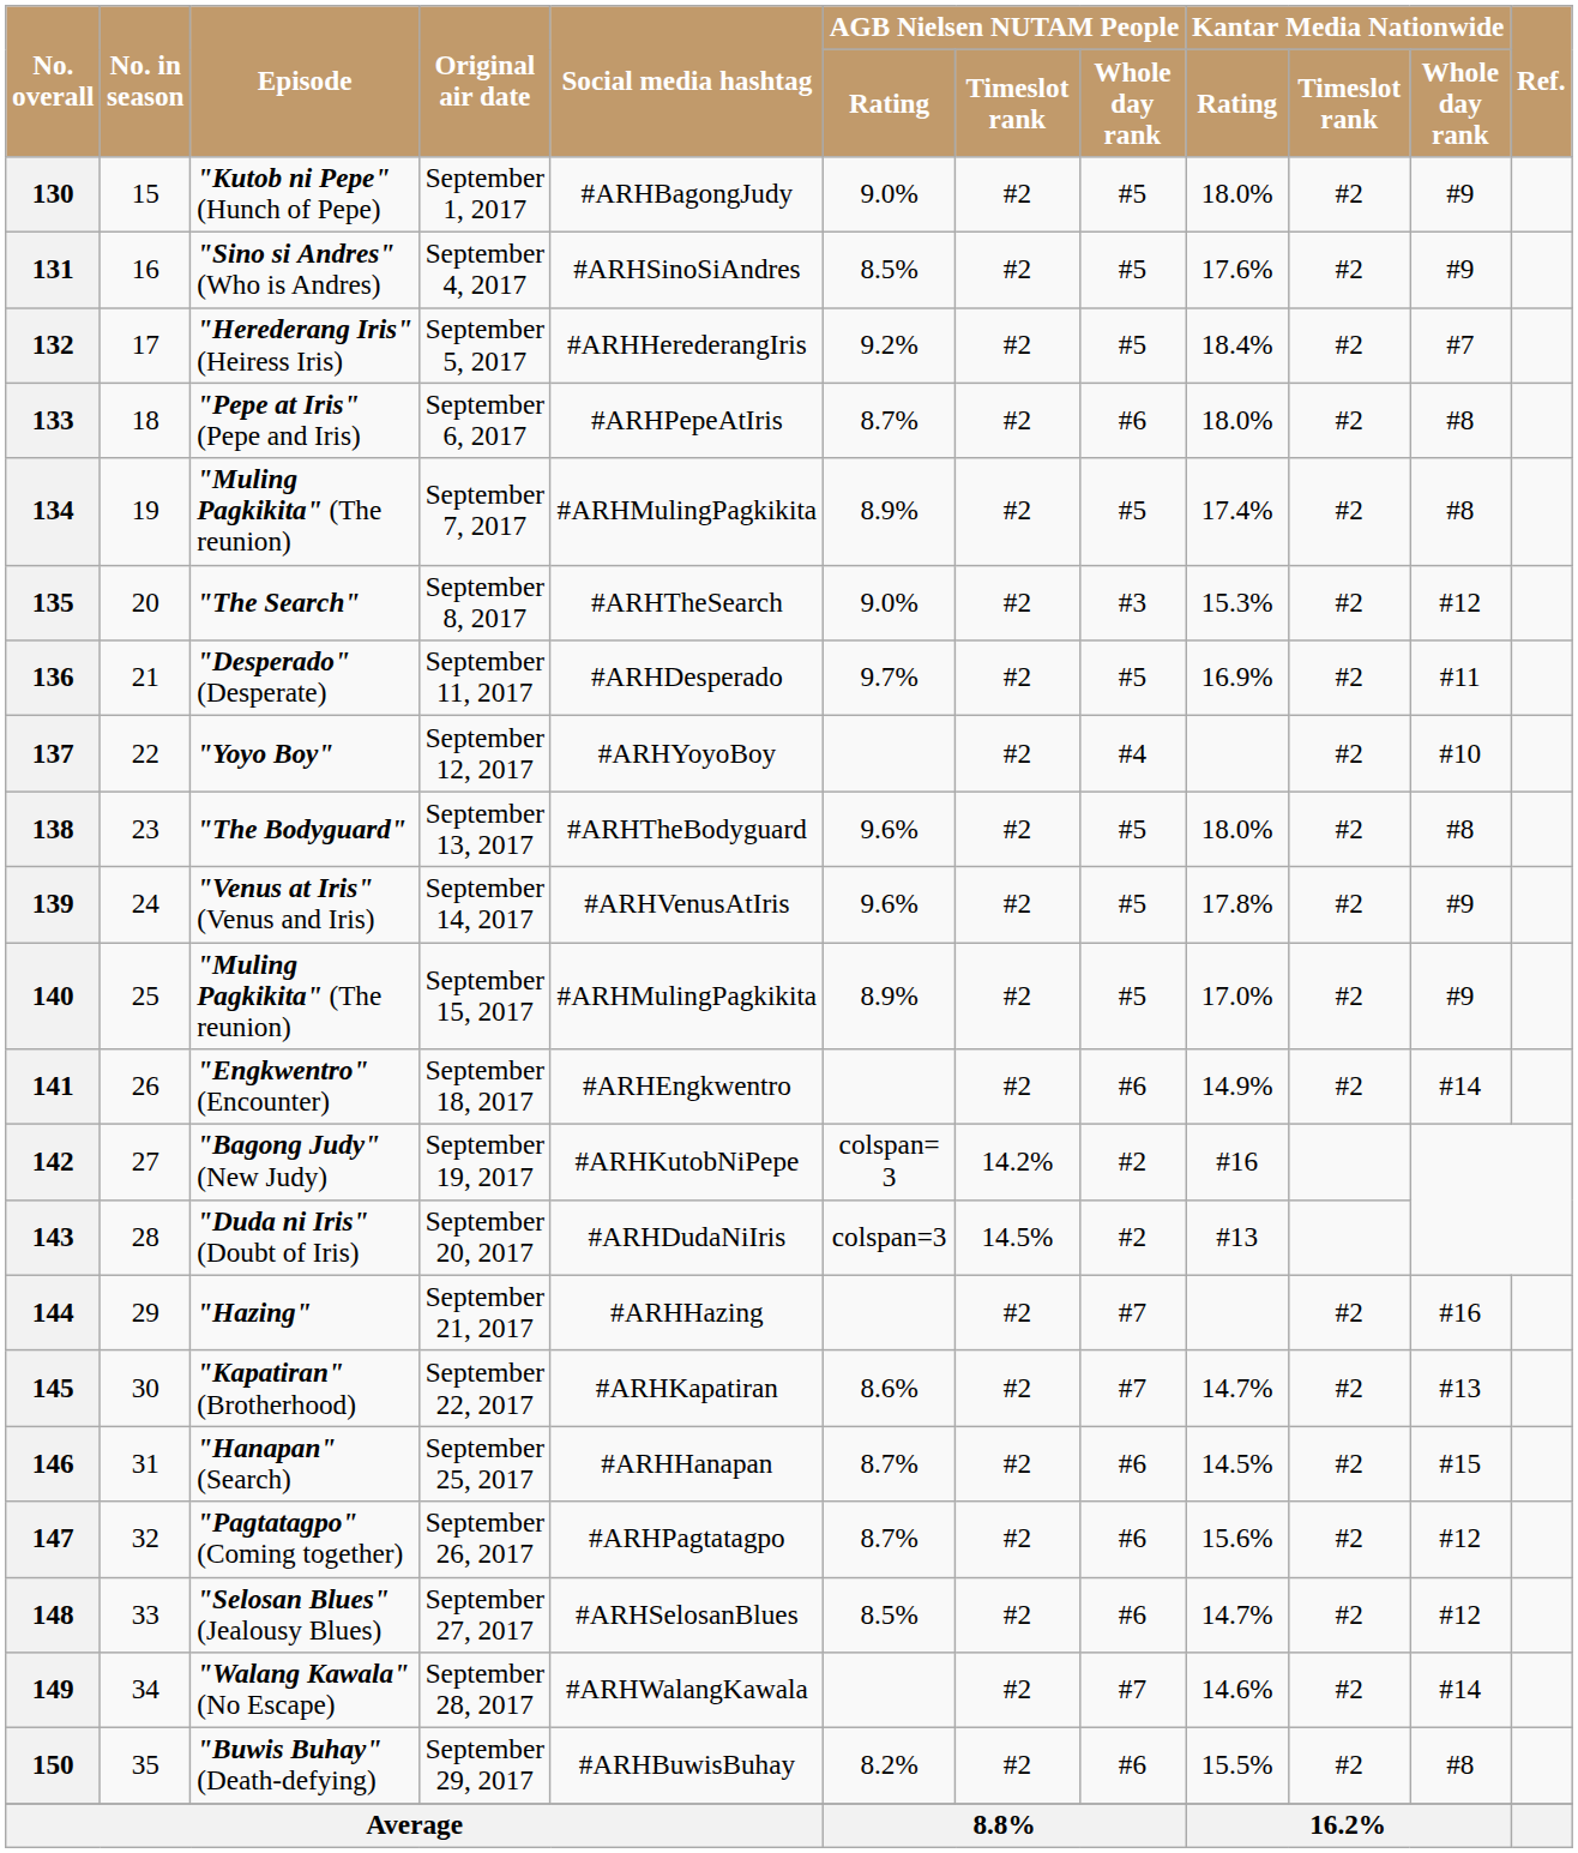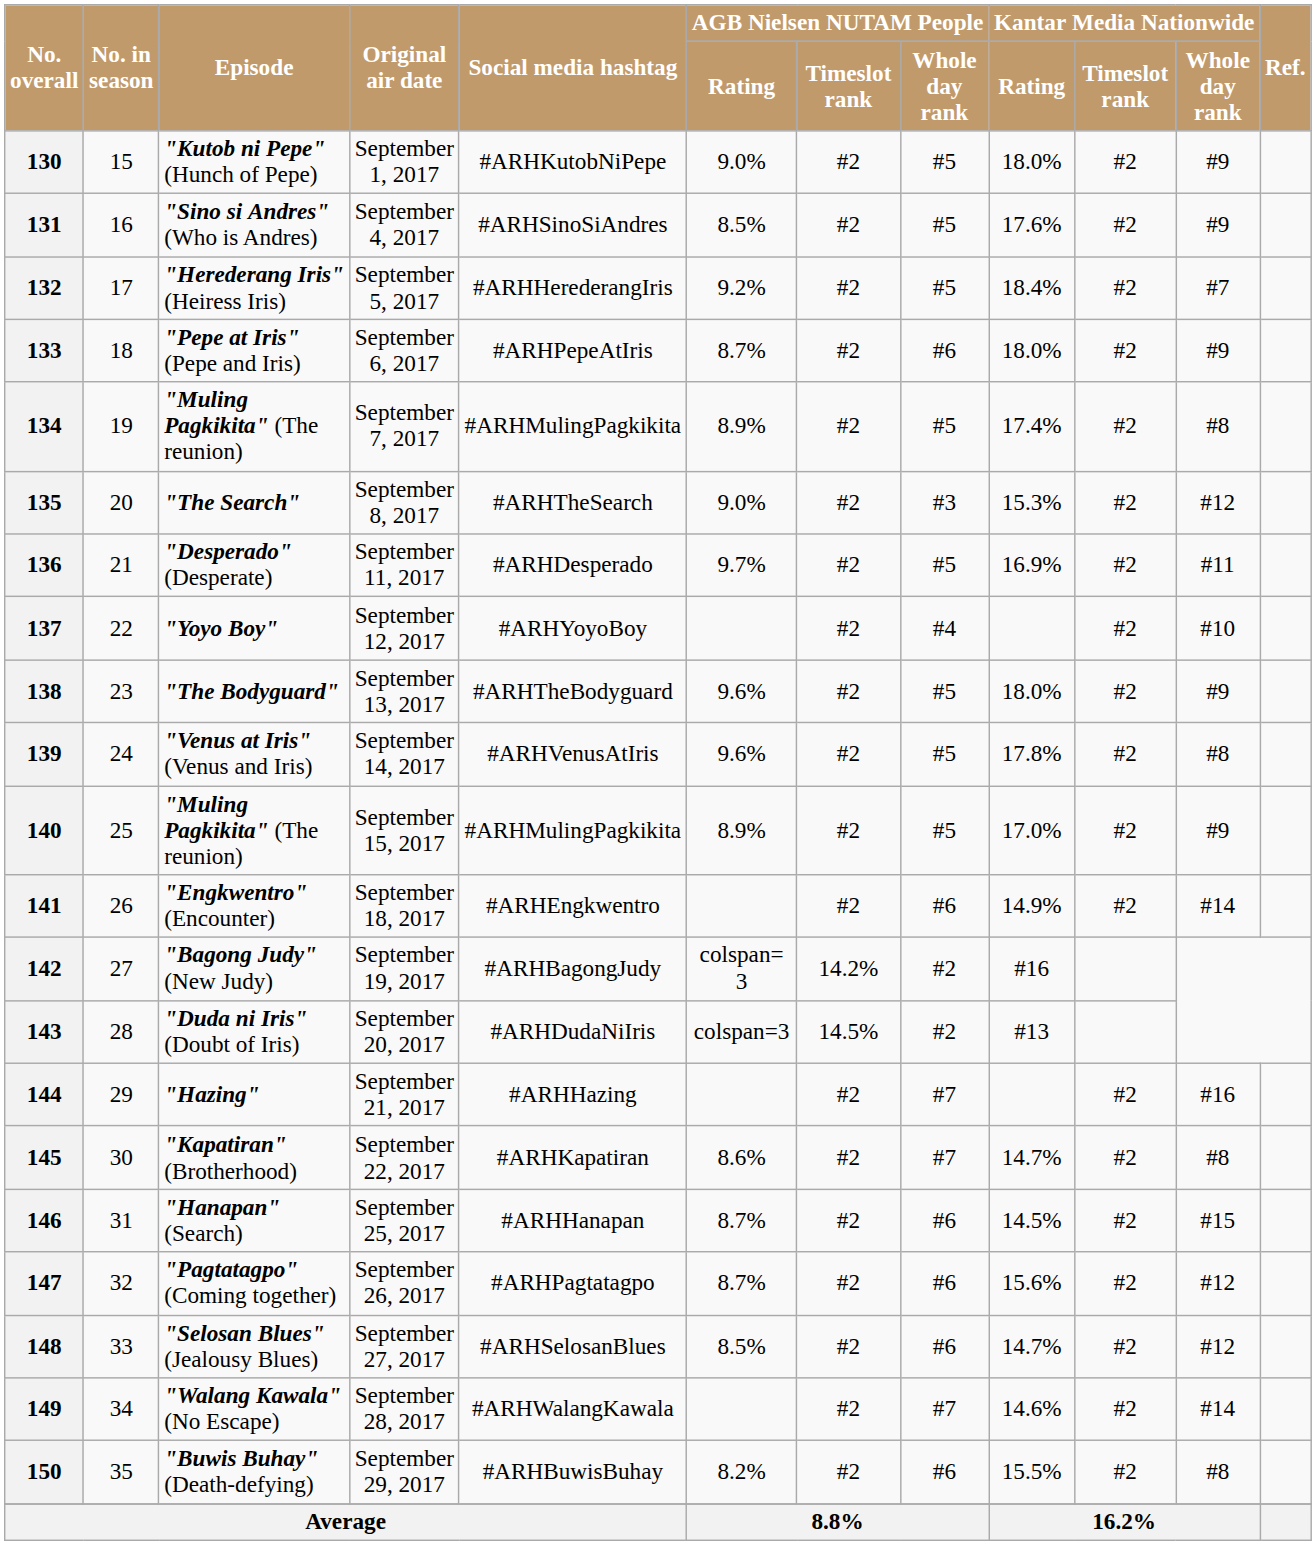 <table class="wikitable" style="text-align:center; font-size:100%; line-height:18px;"  width="100%">
 <tr>
 <th style="background-color:#C19A6B; color:#ffffff;" rowspan="2">No.<br>overall</th>
 <th style="background-color:#C19A6B; color:#ffffff;" rowspan="2">No. in<br>season</th>
 <th style="background-color:#C19A6B; color:#ffffff;" rowspan="2">Episode</th>
 <th style="background:#C19A6B; color:white" rowspan="2">Original air date</th>
 <th style="background:#C19A6B; color:white" rowspan="2">Social media hashtag</th>
 <th style="background-color:#C19A6B; color:#ffffff;" colspan="3">AGB Nielsen NUTAM People</th>
 <th style="background-color:#C19A6B; color:#ffffff;" colspan="3">Kantar Media Nationwide</th>
 <th style="background-color:#C19A6B; color:#ffffff;" rowspan="2">Ref.</th>
 </tr>
 <tr>
 <th style="background-color:#C19A6B; width:75px; color:#ffffff;">Rating</th>
 <th style="background-color:#C19A6B; width:75px; color:#ffffff;">Timeslot<br>rank</th>
 <th style="background-color:#C19A6B; width:75px; color:#ffffff;">Whole day<br>rank</th>
 <th style="background-color:#C19A6B; width:75px; color:#ffffff;">Rating</th>
 <th style="background-color:#C19A6B; width:75px; color:#ffffff;">Timeslot<br>rank</th>
 <th style="background-color:#C19A6B; width:75px; color:#ffffff;">Whole day<br>rank</th>
 </tr>
 <tr>
 <th>130</th>
 <td>15</td>
 <td style="text-align: left;"><strong><em>"Kutob ni Pepe"</em></strong> (Hunch of Pepe)</td>
 <td>September 1, 2017</td>
-<td>#ARHBagongJudy</td>
+<td>#ARHKutobNiPepe</td>
 <td>9.0%</td>
 <td>#2</td>
 <td>#5</td>
 <td>18.0%</td>
 <td>#2</td>
 <td>#9</td>
 <td></td>
 </tr>
 <tr>
 <th>131</th>
 <td>16</td>
 <td style="text-align: left;"><strong><em>"Sino si Andres"</em></strong> (Who is Andres)</td>
 <td>September 4, 2017</td>
 <td>#ARHSinoSiAndres</td>
 <td>8.5%</td>
 <td>#2</td>
 <td>#5</td>
 <td>17.6%</td>
 <td>#2</td>
 <td>#9</td>
 <td></td>
 </tr>
 <tr>
 <th>132</th>
 <td>17</td>
 <td style="text-align: left;"><strong><em>"Herederang Iris"</em></strong> (Heiress Iris)</td>
 <td>September 5, 2017</td>
 <td>#ARHHerederangIris</td>
 <td>9.2%</td>
 <td>#2</td>
 <td>#5</td>
 <td>18.4%</td>
 <td>#2</td>
 <td>#7</td>
 <td></td>
 </tr>
 <tr>
 <th>133</th>
 <td>18</td>
 <td style="text-align: left;"><strong><em>"Pepe at Iris"</em></strong> (Pepe and Iris)</td>
 <td>September 6, 2017</td>
 <td>#ARHPepeAtIris</td>
 <td>8.7%</td>
 <td>#2</td>
 <td>#6</td>
 <td>18.0%</td>
 <td>#2</td>
-<td>#8</td>
+<td>#9</td>
 <td></td>
 </tr>
 <tr>
 <th>134</th>
 <td>19</td>
 <td style="text-align: left;"><strong><em>"Muling Pagkikita"</em></strong> (The reunion)</td>
 <td>September 7, 2017</td>
 <td>#ARHMulingPagkikita</td>
 <td>8.9%</td>
 <td>#2</td>
 <td>#5</td>
 <td>17.4%</td>
 <td>#2</td>
 <td>#8</td>
 <td></td>
 </tr>
 <tr>
 <th>135</th>
 <td>20</td>
 <td style="text-align: left;"><strong><em>"The Search"</em></strong></td>
 <td>September 8, 2017</td>
 <td>#ARHTheSearch</td>
 <td>9.0%</td>
 <td>#2</td>
 <td>#3</td>
 <td>15.3%</td>
 <td>#2</td>
 <td>#12</td>
 <td></td>
 </tr>
 <tr>
 <th>136</th>
 <td>21</td>
 <td style="text-align: left;"><strong><em>"Desperado"</em></strong> (Desperate)</td>
 <td>September 11, 2017</td>
 <td>#ARHDesperado</td>
 <td>9.7%</td>
 <td>#2</td>
 <td>#5</td>
 <td>16.9%</td>
 <td>#2</td>
 <td>#11</td>
 <td></td>
 </tr>
 <tr>
 <th>137</th>
 <td>22</td>
 <td style="text-align: left;"><strong><em>"Yoyo Boy"</em></strong></td>
 <td>September 12, 2017</td>
 <td>#ARHYoyoBoy</td>
 <td></td>
 <td>#2</td>
 <td>#4</td>
 <td></td>
 <td>#2</td>
 <td>#10</td>
 <td></td>
 </tr>
 <tr>
 <th>138</th>
 <td>23</td>
 <td style="text-align: left;"><strong><em>"The Bodyguard"</em></strong></td>
 <td>September 13, 2017</td>
 <td>#ARHTheBodyguard</td>
 <td>9.6%</td>
 <td>#2</td>
 <td>#5</td>
 <td>18.0%</td>
 <td>#2</td>
-<td>#8</td>
+<td>#9</td>
 <td></td>
 </tr>
 <tr>
 <th>139</th>
 <td>24</td>
 <td style="text-align: left;"><strong><em>"Venus at Iris"</em></strong> (Venus and Iris)</td>
 <td>September 14, 2017</td>
 <td>#ARHVenusAtIris</td>
 <td>9.6%</td>
 <td>#2</td>
 <td>#5</td>
 <td>17.8%</td>
 <td>#2</td>
-<td>#9</td>
+<td>#8</td>
 <td></td>
 </tr>
 <tr>
 <th>140</th>
 <td>25</td>
 <td style="text-align: left;"><strong><em>"Muling Pagkikita"</em></strong> (The reunion)</td>
 <td>September 15, 2017</td>
 <td>#ARHMulingPagkikita</td>
 <td>8.9%</td>
 <td>#2</td>
 <td>#5</td>
 <td>17.0%</td>
 <td>#2</td>
 <td>#9</td>
 <td></td>
 </tr>
 <tr>
 <th>141</th>
 <td>26</td>
 <td style="text-align: left;"><strong><em>"Engkwentro"</em></strong> (Encounter)</td>
 <td>September 18, 2017</td>
 <td>#ARHEngkwentro</td>
 <td></td>
 <td>#2</td>
 <td>#6</td>
 <td>14.9%</td>
 <td>#2</td>
 <td>#14</td>
 <td></td>
 </tr>
 <tr>
 <th>142</th>
 <td>27</td>
 <td style="text-align: left;"><strong><em>"Bagong Judy"</em></strong> (New Judy)</td>
 <td>September 19, 2017</td>
-<td>#ARHKutobNiPepe</td>
+<td>#ARHBagongJudy</td>
 <td>colspan= 3 </td>
 <td>14.2%</td>
 <td>#2</td>
 <td>#16</td>
 <td></td>
 </tr>
 <tr>
 <th>143</th>
 <td>28</td>
 <td style="text-align: left;"><strong><em>"Duda ni Iris"</em></strong> (Doubt of Iris)</td>
 <td>September 20, 2017</td>
 <td>#ARHDudaNiIris</td>
 <td>colspan=3 </td>
 <td>14.5%</td>
 <td>#2</td>
 <td>#13</td>
 <td></td>
 </tr>
 <tr>
 <th>144</th>
 <td>29</td>
 <td style="text-align: left;"><strong><em>"Hazing"</em></strong></td>
 <td>September 21, 2017</td>
 <td>#ARHHazing</td>
 <td></td>
 <td>#2</td>
 <td>#7</td>
 <td></td>
 <td>#2</td>
 <td>#16</td>
 <td></td>
 </tr>
 <tr>
 <th>145</th>
 <td>30</td>
 <td style="text-align: left;"><strong><em>"Kapatiran"</em></strong> (Brotherhood)</td>
 <td>September 22, 2017</td>
 <td>#ARHKapatiran</td>
 <td>8.6%</td>
 <td>#2</td>
 <td>#7</td>
 <td>14.7%</td>
 <td>#2</td>
-<td>#13</td>
+<td>#8</td>
 <td></td>
 </tr>
 <tr>
 <th>146</th>
 <td>31</td>
 <td style="text-align: left;"><strong><em>"Hanapan"</em></strong> (Search)</td>
 <td>September 25, 2017</td>
 <td>#ARHHanapan</td>
 <td>8.7%</td>
 <td>#2</td>
 <td>#6</td>
 <td>14.5%</td>
 <td>#2</td>
 <td>#15</td>
 <td></td>
 </tr>
 <tr>
 <th>147</th>
 <td>32</td>
 <td style="text-align: left;"><strong><em>"Pagtatagpo"</em></strong> (Coming together)</td>
 <td>September 26, 2017</td>
 <td>#ARHPagtatagpo</td>
 <td>8.7%</td>
 <td>#2</td>
 <td>#6</td>
 <td>15.6%</td>
 <td>#2</td>
 <td>#12</td>
 <td></td>
 </tr>
 <tr>
 <th>148</th>
 <td>33</td>
 <td style="text-align: left;"><strong><em>"Selosan Blues"</em></strong> (Jealousy Blues)</td>
 <td>September 27, 2017</td>
 <td>#ARHSelosanBlues</td>
 <td>8.5%</td>
 <td>#2</td>
 <td>#6</td>
 <td>14.7%</td>
 <td>#2</td>
 <td>#12</td>
 <td></td>
 </tr>
 <tr>
 <th>149</th>
 <td>34</td>
 <td style="text-align: left;"><strong><em>"Walang Kawala"</em></strong> (No Escape)</td>
 <td>September 28, 2017</td>
 <td>#ARHWalangKawala</td>
 <td></td>
 <td>#2</td>
 <td>#7</td>
 <td>14.6%</td>
 <td>#2</td>
 <td>#14</td>
 <td></td>
 </tr>
 <tr>
 <th>150</th>
 <td>35</td>
 <td style="text-align: left;"><strong><em>"Buwis Buhay"</em></strong> (Death-defying)</td>
 <td>September 29, 2017</td>
 <td>#ARHBuwisBuhay</td>
 <td>8.2%</td>
 <td>#2</td>
 <td>#6</td>
 <td>15.5%</td>
 <td>#2</td>
 <td>#8</td>
 <td></td>
 </tr>
 <tr>
 </tr>
 <tr>
 <th colspan="5">Average</th>
 <th colspan="3">8.8%</th>
 <th colspan="3">16.2%</th>
 <th></th>
 </tr>
 </table>
